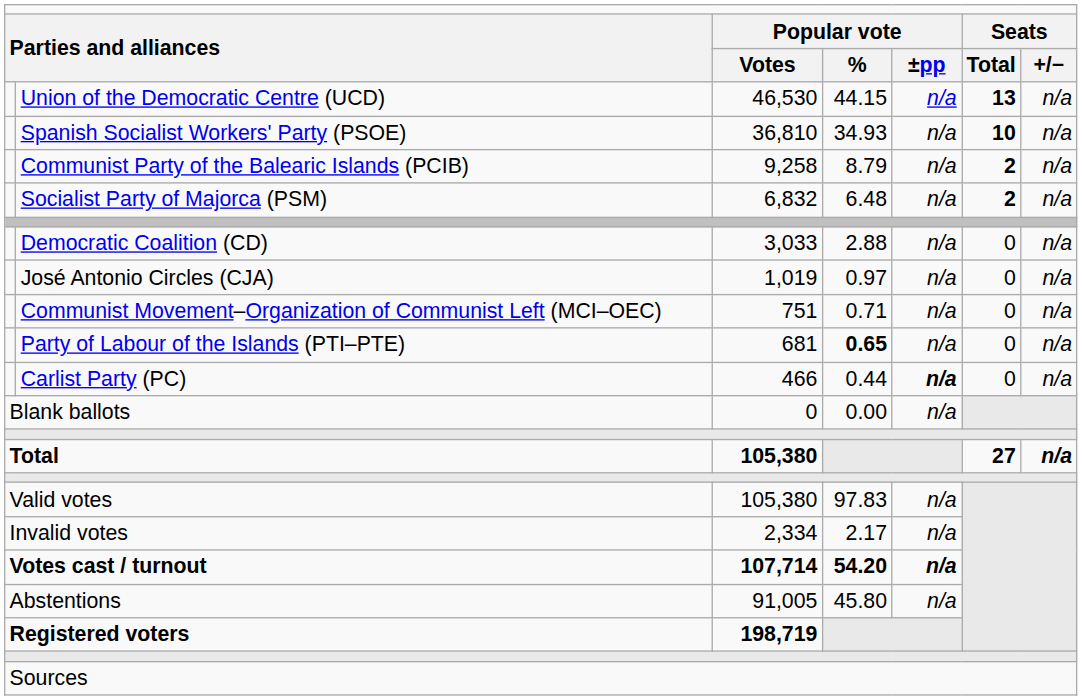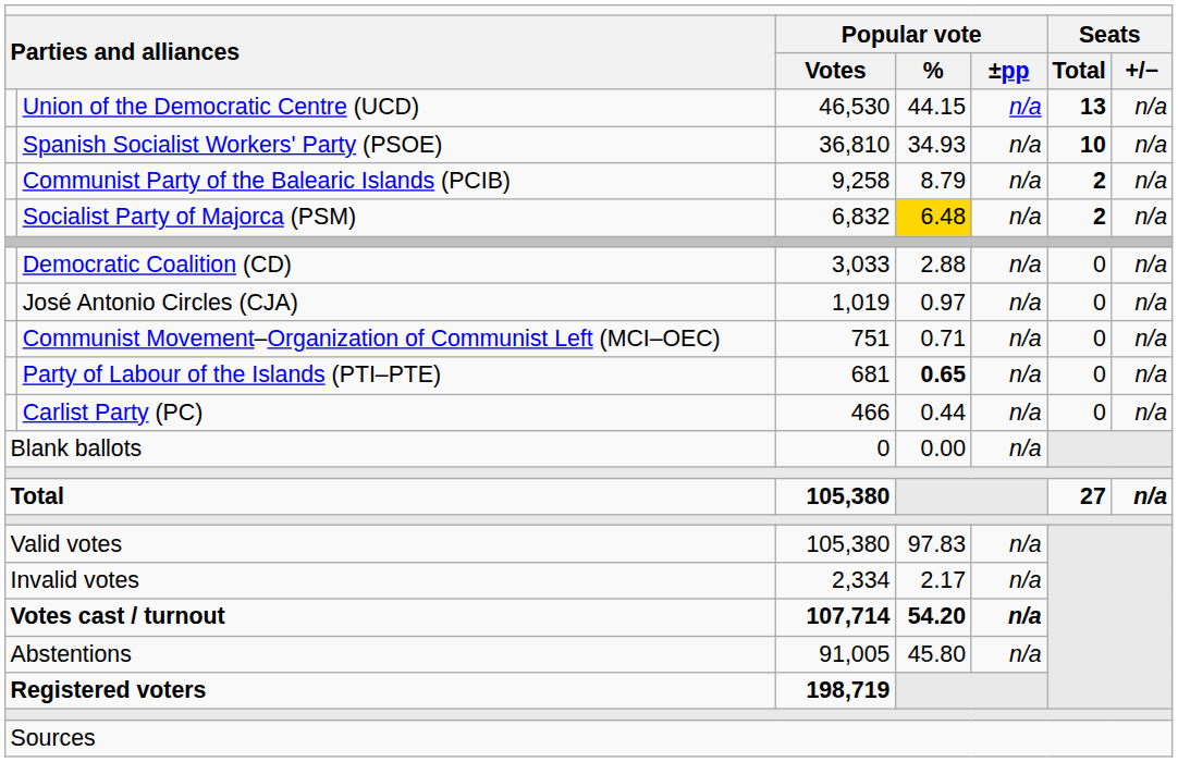 <table class="wikitable" style="text-align:right;">
 <tr>
 <td colspan="7"></td>
 </tr>
 <tr>
 <th style="text-align:left;" rowspan="2" colspan="2" width="525">Parties and alliances</th>
 <th colspan="3">Popular vote</th>
 <th colspan="2">Seats</th>
 </tr>
 <tr>
 <th width="75">Votes</th>
 <th width="45">%</th>
 <th width="45">±<a href='#'>pp</a></th>
 <th width="35">Total</th>
 <th width="35">+/−</th>
 </tr>
 <tr>
 <td width="1" style="color:inherit;background:"></td>
 <td align="left"><a href='#'>Union of the Democratic Centre</a> (UCD)</td>
 <td>46,530</td>
 <td>44.15</td>
 <td><em><a href='#'>n/a</a></em></td>
 <td><strong>13</strong></td>
 <td><em>n/a</em></td>
 </tr>
 <tr>
 <td style="color:inherit;background:"></td>
 <td align="left"><a href='#'>Spanish Socialist Workers' Party</a> (PSOE)</td>
 <td>36,810</td>
 <td>34.93</td>
 <td><em>n/a</em></td>
 <td><strong>10</strong></td>
 <td><em>n/a</em></td>
 </tr>
 <tr>
 <td style="color:inherit;background:"></td>
 <td align="left"><a href='#'>Communist Party of the Balearic Islands</a> (PCIB)</td>
 <td>9,258</td>
 <td>8.79</td>
 <td><em>n/a</em></td>
 <td><strong>2</strong></td>
 <td><em>n/a</em></td>
 </tr>
 <tr>
 <td style="color:inherit;background:"></td>
 <td align="left"><a href='#'>Socialist Party of Majorca</a> (PSM)</td>
 <td>6,832</td>
-<td>6.48</td>
+<td style="background: gold;">6.48</td>
 <td><em>n/a</em></td>
 <td><strong>2</strong></td>
 <td><em>n/a</em></td>
 </tr>
 <tr>
 <td colspan="7" bgcolor="#C0C0C0"></td>
 </tr>
 <tr>
 <td style="color:inherit;background:"></td>
 <td align="left"><a href='#'>Democratic Coalition</a> (CD)</td>
 <td>3,033</td>
 <td>2.88</td>
 <td><em>n/a</em></td>
 <td>0</td>
 <td><em>n/a</em></td>
 </tr>
 <tr>
 <td style="color:inherit;background:"></td>
 <td align="left">José Antonio Circles (CJA)</td>
 <td>1,019</td>
 <td>0.97</td>
 <td><em>n/a</em></td>
 <td>0</td>
 <td><em>n/a</em></td>
 </tr>
 <tr>
 <td style="color:inherit;background:"></td>
 <td align="left"><a href='#'>Communist Movement</a>–<a href='#'>Organization of Communist Left</a> (MCI–OEC)</td>
 <td>751</td>
 <td>0.71</td>
 <td><em>n/a</em></td>
 <td>0</td>
 <td><em>n/a</em></td>
 </tr>
 <tr>
 <td style="color:inherit;background:"></td>
 <td align="left"><a href='#'>Party of Labour of the Islands</a> (PTI–PTE)</td>
 <td>681</td>
 <td><strong>0.65</strong></td>
 <td><em>n/a</em></td>
 <td>0</td>
 <td><em>n/a</em></td>
 </tr>
 <tr>
 <td style="color:inherit;background:"></td>
 <td align="left"><a href='#'>Carlist Party</a> (PC)</td>
 <td>466</td>
 <td>0.44</td>
-<td><strong><em>n/a</em></strong></td>
+<td><em>n/a</em></td>
 <td>0</td>
 <td><em>n/a</em></td>
 </tr>
 <tr>
 <td align="left" colspan="2">Blank ballots</td>
 <td>0</td>
 <td>0.00</td>
 <td><em>n/a</em></td>
 <td bgcolor="#E9E9E9" colspan="2"></td>
 </tr>
 <tr>
 <td colspan="7" bgcolor="#E9E9E9"></td>
 </tr>
 <tr style="font-weight:bold;">
 <td align="left" colspan="2">Total</td>
 <td>105,380</td>
 <td bgcolor="#E9E9E9" colspan="2"></td>
 <td>27</td>
 <td><em>n/a</em></td>
 </tr>
 <tr>
 <td colspan="7" bgcolor="#E9E9E9"></td>
 </tr>
 <tr>
 <td align="left" colspan="2">Valid votes</td>
 <td>105,380</td>
 <td>97.83</td>
 <td><em>n/a</em></td>
 <td bgcolor="#E9E9E9" colspan="2" rowspan="5"></td>
 </tr>
 <tr>
 <td align="left" colspan="2">Invalid votes</td>
 <td>2,334</td>
 <td>2.17</td>
 <td><em>n/a</em></td>
 </tr>
 <tr style="font-weight:bold;">
 <td align="left" colspan="2">Votes cast / turnout</td>
 <td>107,714</td>
 <td>54.20</td>
 <td><em>n/a</em></td>
 </tr>
 <tr>
 <td align="left" colspan="2">Abstentions</td>
 <td>91,005</td>
 <td>45.80</td>
 <td><em>n/a</em></td>
 </tr>
 <tr style="font-weight:bold;">
 <td align="left" colspan="2">Registered voters</td>
 <td>198,719</td>
 <td bgcolor="#E9E9E9" colspan="2"></td>
 </tr>
 <tr>
 <td colspan="7" bgcolor="#E9E9E9"></td>
 </tr>
 <tr>
 <td align="left" colspan="7">Sources</td>
 </tr>
 </table>
